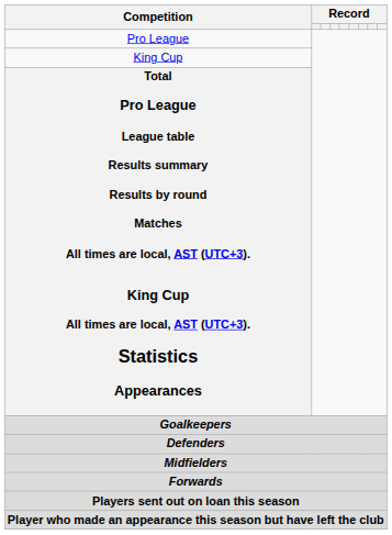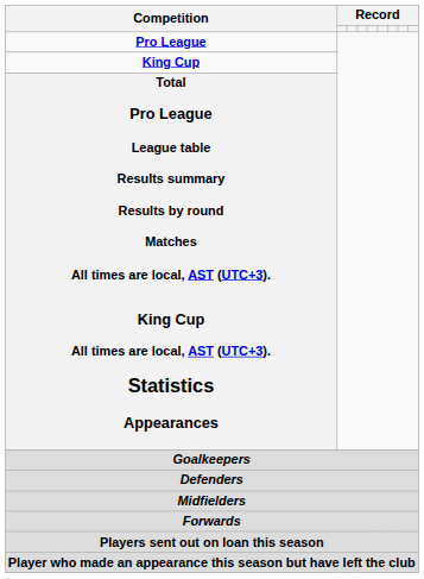 <table class="wikitable" style="text-align: center">
 <tr>
 <th rowspan=2>Competition</th>
 <th colspan=8>Record</th>
 </tr>
 <tr>
 <th></th>
 <th></th>
 <th></th>
 <th></th>
 <th></th>
 <th></th>
 <th></th>
 <th></th>
 </tr>
 <tr>
-<td><a href='#'>Pro League</a><br></td>
+<td><strong><a href='#'>Pro League</a><br></strong></td>
 </tr>
 <tr>
-<td><a href='#'>King Cup</a><br></td>
+<td><strong><a href='#'>King Cup</a><br></strong></td>
 </tr>
 <tr>
 <th>Total<br> <h3>Pro League</h3><h4>League table</h4><h4>Results summary</h4> <h4>Results by round</h4><h4>Matches</h4>All times are local, <a href='#'>AST</a> (<a href='#'>UTC+3</a>).<br>   <br>                                 <h3>King Cup</h3> All times are local, <a href='#'>AST</a> (<a href='#'>UTC+3</a>).<br>  <h2>Statistics</h2><h3>Appearances</h3></th>
 </tr>
 <tr>
 <th colspan=18 style=background:#dcdcdc; text-align:center><em>Goalkeepers</em><br>  </th>
 </tr>
 <tr>
 <th colspan=18 style=background:#dcdcdc; text-align:center><em>Defenders</em><br>        </th>
 </tr>
 <tr>
 <th colspan=18 style=background:#dcdcdc; text-align:center><em>Midfielders</em><br>               </th>
 </tr>
 <tr>
 <th colspan=18 style=background:#dcdcdc; text-align:center><em>Forwards</em><br>  </th>
 </tr>
 <tr>
 <th colspan=14 style=background:#dcdcdc; text-align:center>Players sent out on loan this season<br></th>
 </tr>
 <tr>
 <th colspan=18 style=background:#dcdcdc; text-align:center>Player who made an appearance this season but have left the club<br>      </th>
 </tr>
 </table>
